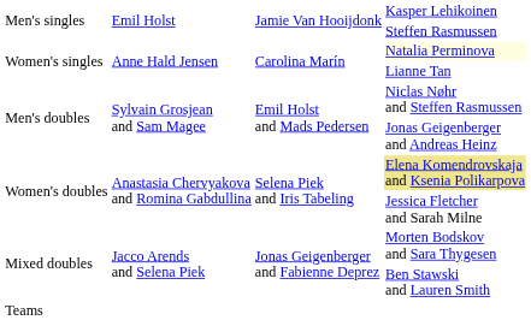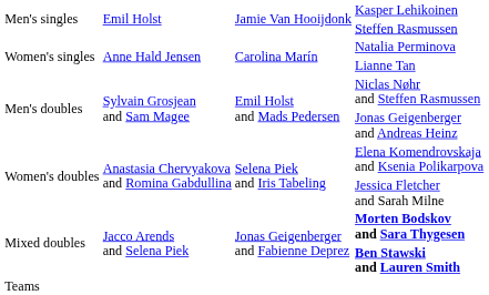 <table>
 <tr>
 <td rowspan=2>Men's singles</td>
 <td rowspan=2> <a href='#'>Emil Holst</a></td>
 <td rowspan=2> <a href='#'>Jamie Van Hooijdonk</a></td>
 <td> <a href='#'>Kasper Lehikoinen</a></td>
 </tr>
 <tr>
 <td> <a href='#'>Steffen Rasmussen</a></td>
 </tr>
 <tr>
 <td rowspan=2>Women's singles</td>
 <td rowspan=2> <a href='#'>Anne Hald Jensen</a></td>
 <td rowspan=2> <a href='#'>Carolina Marín</a></td>
-<td style="background: lightyellow;"> <a href='#'>Natalia Perminova</a></td>
+<td> <a href='#'>Natalia Perminova</a></td>
 </tr>
 <tr>
 <td> <a href='#'>Lianne Tan</a></td>
 </tr>
 <tr>
 <td rowspan=2>Men's doubles</td>
 <td rowspan=2> <a href='#'>Sylvain Grosjean</a><br>and  <a href='#'>Sam Magee</a></td>
 <td rowspan=2> <a href='#'>Emil Holst</a><br>and <a href='#'>Mads Pedersen</a></td>
 <td> <a href='#'>Niclas Nøhr</a><br>and <a href='#'>Steffen Rasmussen</a></td>
 </tr>
 <tr>
 <td> <a href='#'>Jonas Geigenberger</a><br>and <a href='#'>Andreas Heinz</a></td>
 </tr>
 <tr>
 <td rowspan=2>Women's doubles</td>
 <td rowspan=2> <a href='#'>Anastasia Chervyakova</a><br>and <a href='#'>Romina Gabdullina</a></td>
 <td rowspan=2> <a href='#'>Selena Piek</a><br>and <a href='#'>Iris Tabeling</a></td>
-<td style="background: khaki;"> <a href='#'>Elena Komendrovskaja</a><br>and <a href='#'>Ksenia Polikarpova</a></td>
+<td> <a href='#'>Elena Komendrovskaja</a><br>and <a href='#'>Ksenia Polikarpova</a></td>
 </tr>
 <tr>
 <td> <a href='#'>Jessica Fletcher</a><br>and Sarah Milne</td>
 </tr>
 <tr>
 <td rowspan=2>Mixed doubles</td>
 <td rowspan=2> <a href='#'>Jacco Arends</a><br>and <a href='#'>Selena Piek</a></td>
 <td rowspan=2> <a href='#'>Jonas Geigenberger</a><br>and <a href='#'>Fabienne Deprez</a></td>
-<td> <a href='#'>Morten Bodskov</a><br>and <a href='#'>Sara Thygesen</a></td>
+<td><strong> <a href='#'>Morten Bodskov</a><br>and <a href='#'>Sara Thygesen</a></strong></td>
 </tr>
 <tr>
-<td> <a href='#'>Ben Stawski</a><br>and <a href='#'>Lauren Smith</a></td>
+<td><strong> <a href='#'>Ben Stawski</a><br>and <a href='#'>Lauren Smith</a></strong></td>
 </tr>
 <tr>
 <td rowspan=2>Teams</td>
 <td rowspan=2><br></td>
 <td rowspan=2></td>
 <td></td>
 </tr>
 <tr>
 <td></td>
 </tr>
 </table>
